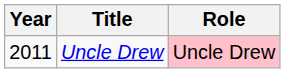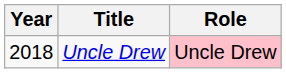 <table class="wikitable sortable">
 <tr>
 <th>Year</th>
 <th>Title</th>
 <th>Role</th>
 </tr>
 <tr>
-<td>2011</td>
+<td>2018</td>
 <td><em><a href='#'>Uncle Drew</a></em></td>
 <td style="background: pink;">Uncle Drew</td>
 </tr>
 </table>
